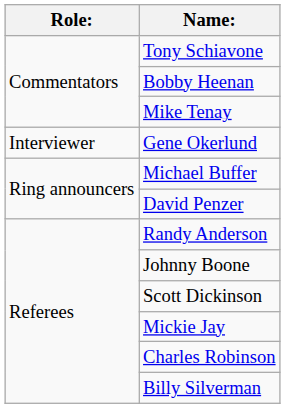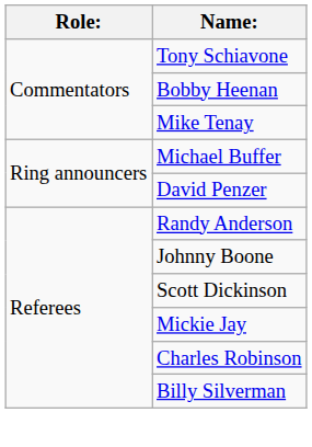 <table class=wikitable style="font-size:90%; margin: 0.5em 0 0.5em 1em; float: right; clear: right;">
 <tr>
 <th>Role:</th>
 <th>Name:</th>
 </tr>
 <tr>
 <td rowspan=3>Commentators</td>
 <td><a href='#'>Tony Schiavone</a></td>
 </tr>
 <tr>
 <td><a href='#'>Bobby Heenan</a></td>
 </tr>
 <tr>
 <td><a href='#'>Mike Tenay</a></td>
-</tr>
-<tr>
-<td>Interviewer</td>
-<td><a href='#'>Gene Okerlund</a></td>
 </tr>
 <tr>
 <td rowspan=2>Ring announcers</td>
 <td><a href='#'>Michael Buffer</a></td>
 </tr>
 <tr>
 <td><a href='#'>David Penzer</a></td>
 </tr>
 <tr>
 <td rowspan=6>Referees</td>
 <td><a href='#'>Randy Anderson</a></td>
 </tr>
 <tr>
 <td>Johnny Boone</td>
 </tr>
 <tr>
 <td>Scott Dickinson</td>
 </tr>
 <tr>
 <td><a href='#'>Mickie Jay</a></td>
 </tr>
 <tr>
 <td><a href='#'>Charles Robinson</a></td>
 </tr>
 <tr>
 <td><a href='#'>Billy Silverman</a></td>
 </tr>
 </table>
